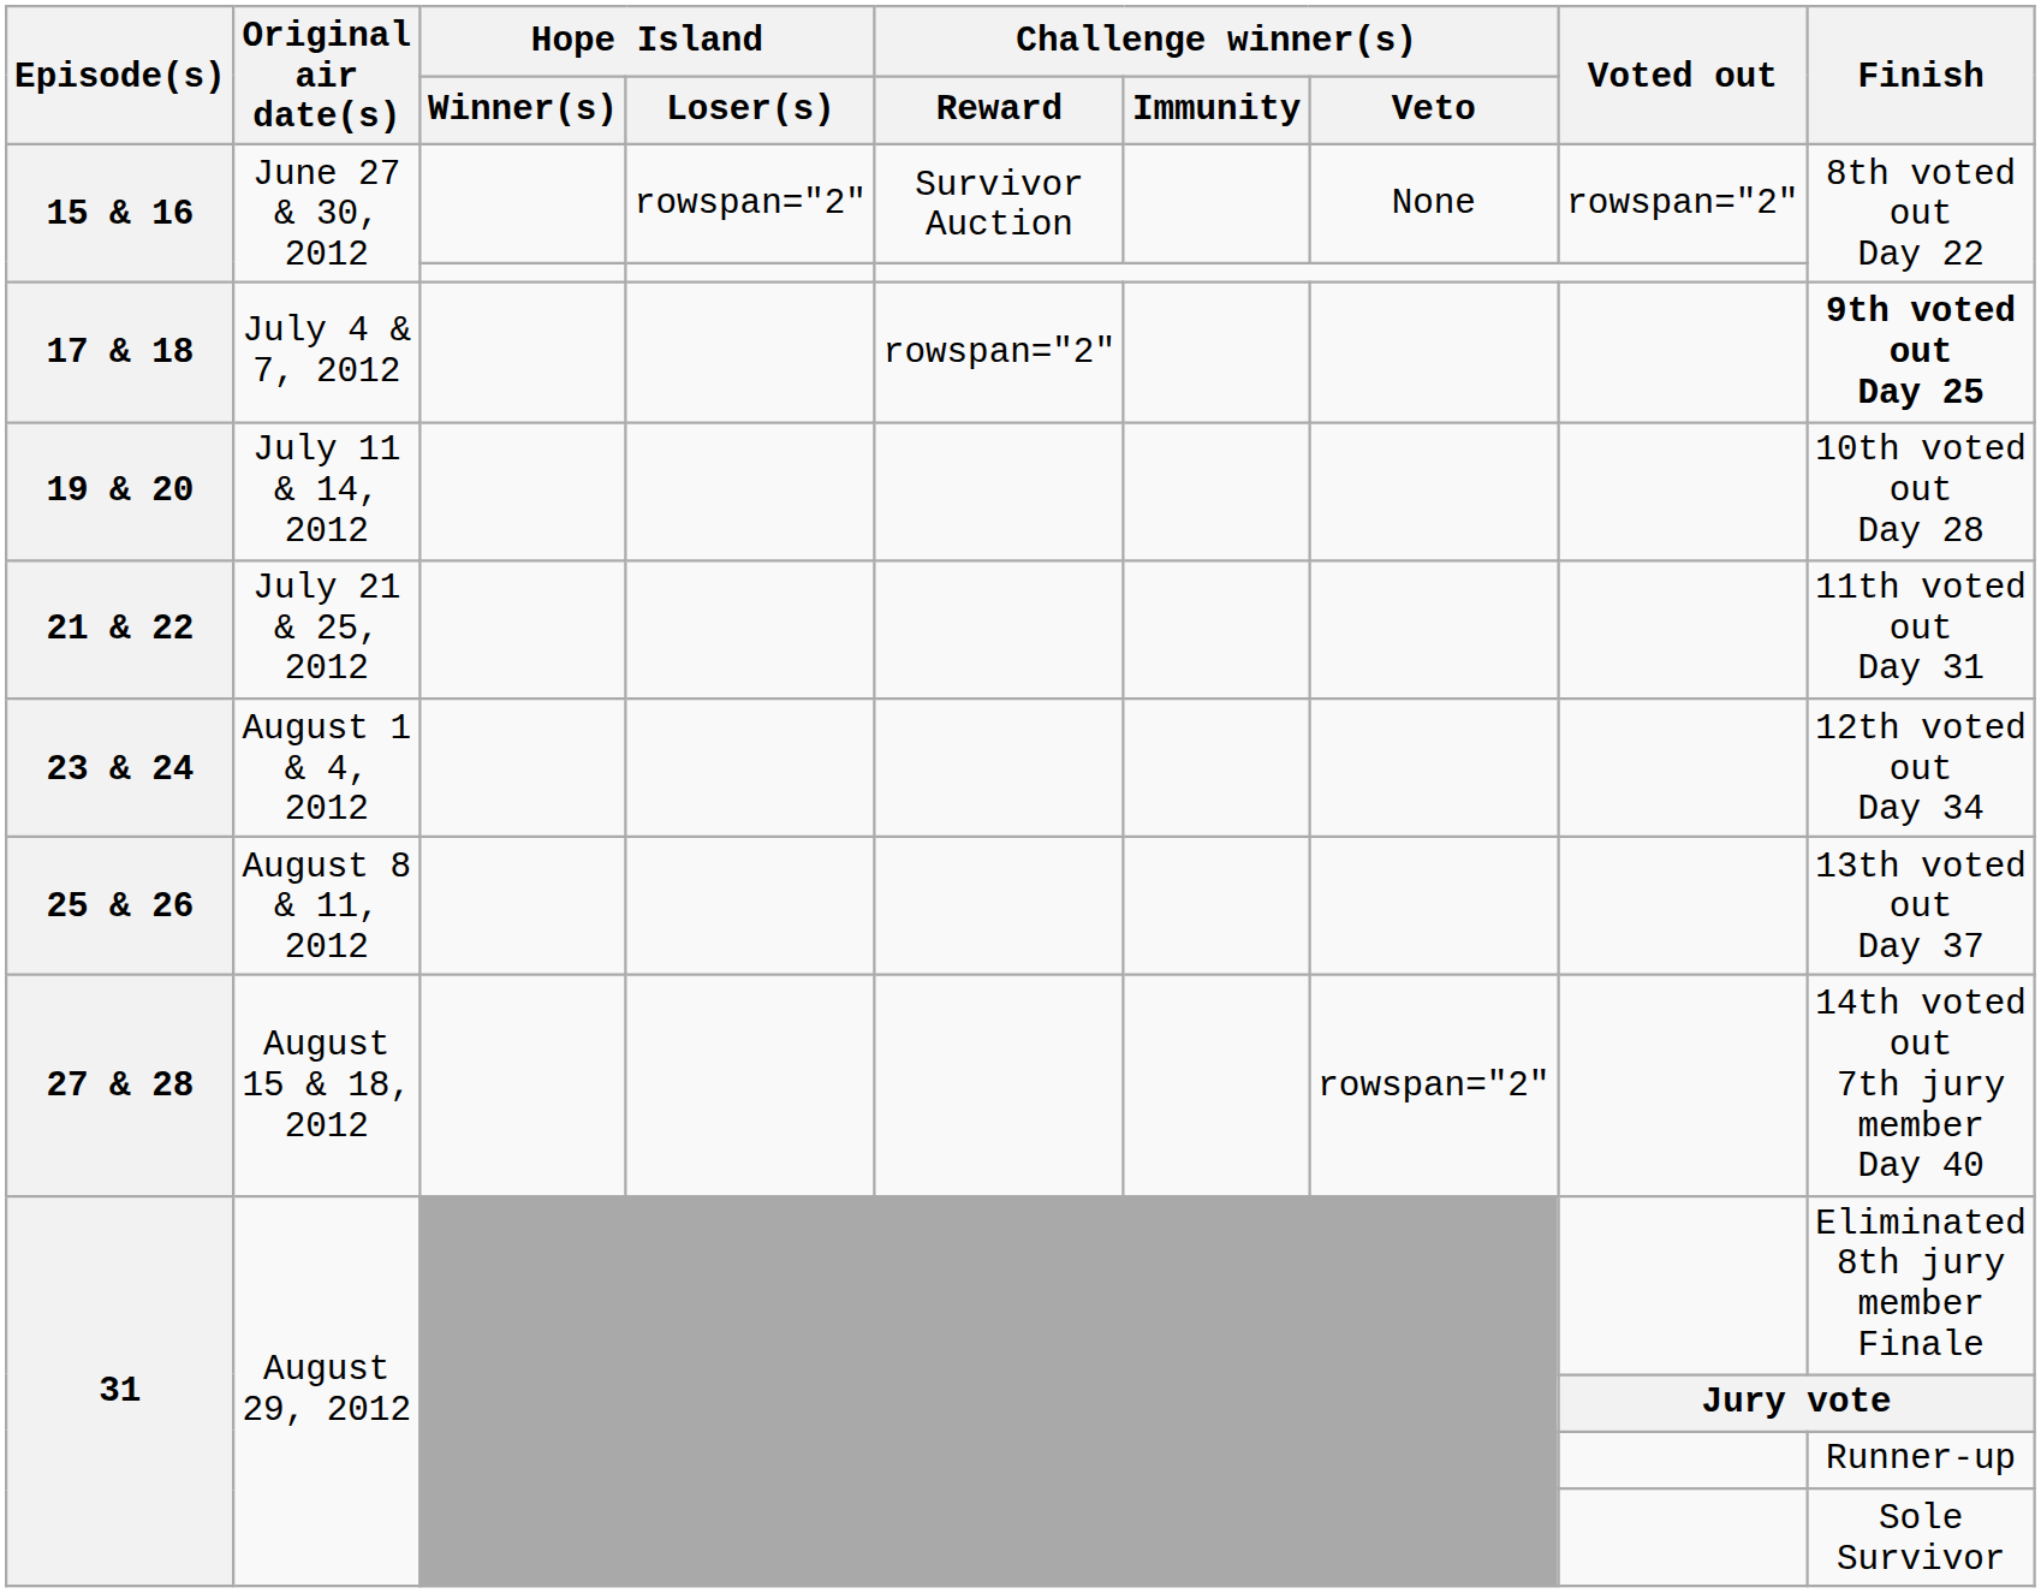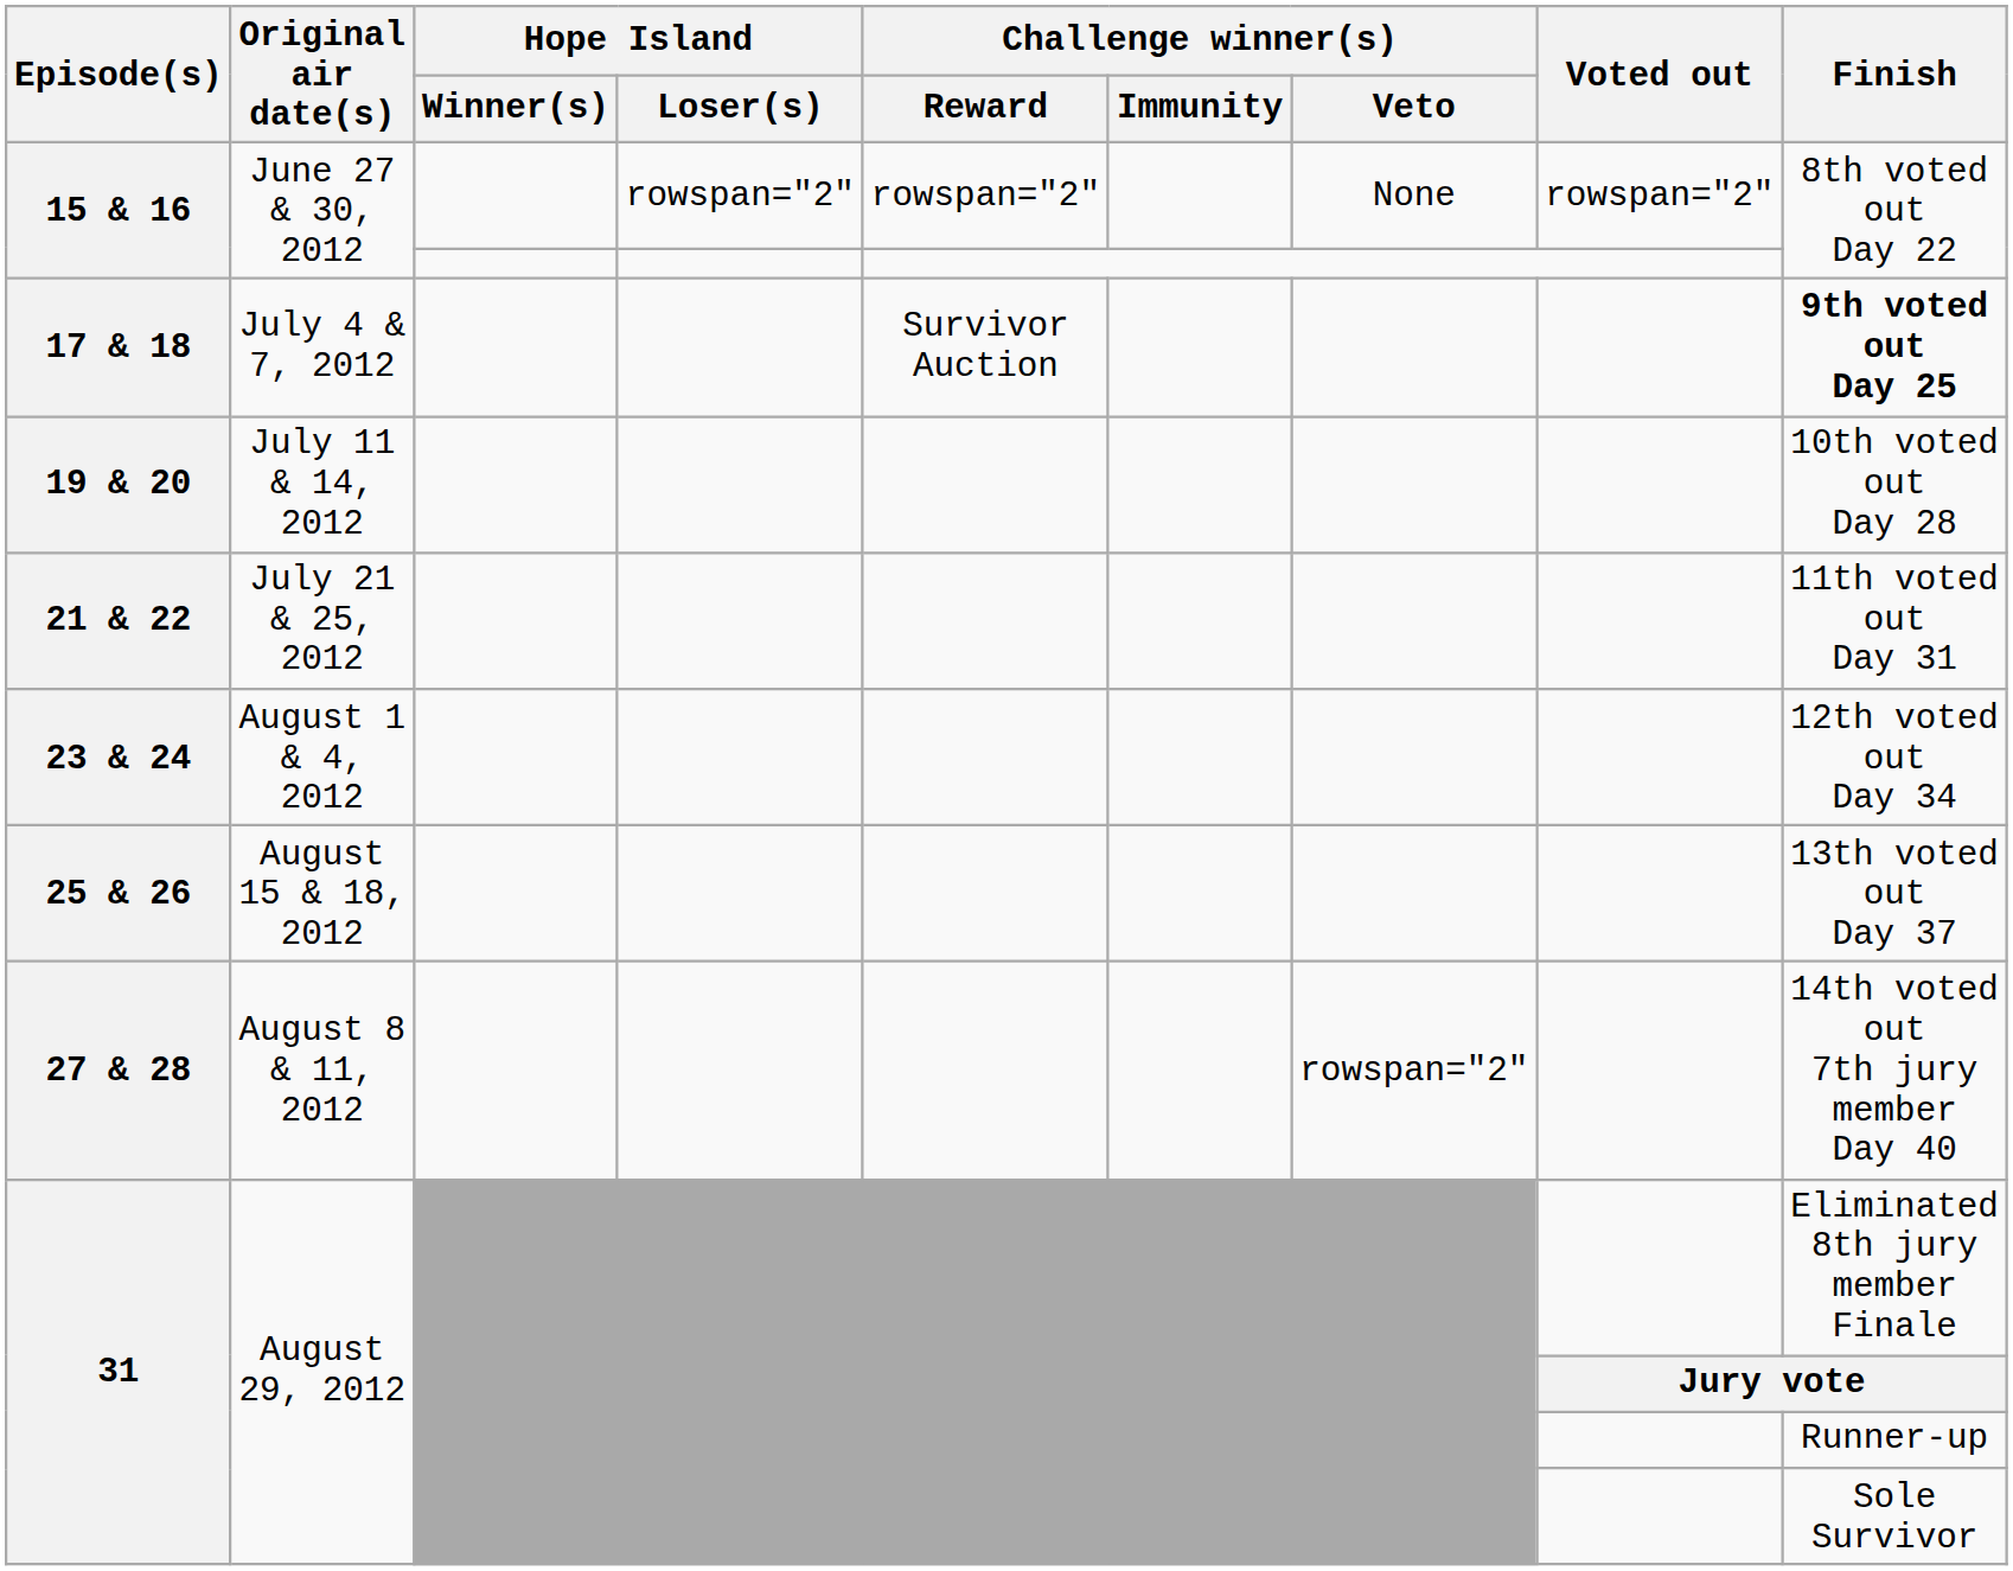 <table class="wikitable nowrap" style="margin:auto; text-align:center">
 <tr>
 <th rowspan="2">Episode(s)</th>
 <th rowspan="2">Original air date(s)</th>
 <th colspan="2">Hope Island</th>
 <th colspan="3">Challenge winner(s)</th>
 <th rowspan="2">Voted out</th>
 <th rowspan="2">Finish</th>
 </tr>
 <tr>
 <th>Winner(s)</th>
 <th>Loser(s)</th>
 <th>Reward</th>
 <th>Immunity</th>
 <th>Veto</th>
 </tr>
 <tr>
 <th rowspan="2">15 & 16</th>
 <td rowspan="2">June 27 & 30, 2012</td>
 <td></td>
 <td>rowspan="2" </td>
-<td>Survivor<br>Auction</td>
+<td>rowspan="2" </td>
 <td></td>
 <td>None</td>
 <td>rowspan="2" </td>
 <td rowspan="2">8th voted out<br>Day 22</td>
 </tr>
 <tr>
 <td></td>
 <td></td>
 </tr>
 <tr>
 <th>17 & 18</th>
 <td>July 4 & 7, 2012</td>
 <td></td>
 <td></td>
-<td>rowspan="2" </td>
+<td>Survivor<br>Auction</td>
 <td></td>
 <td></td>
 <td></td>
 <td><strong>9th voted out<br>Day 25</strong></td>
 </tr>
 <tr>
 <th>19 & 20</th>
 <td>July 11 & 14, 2012</td>
 <td></td>
 <td></td>
 <td></td>
 <td></td>
 <td></td>
 <td></td>
 <td>10th voted out<br>Day 28</td>
 </tr>
 <tr>
 <th>21 & 22</th>
 <td>July 21 & 25, 2012</td>
 <td></td>
 <td></td>
 <td></td>
 <td></td>
 <td></td>
 <td></td>
 <td>11th voted out<br>Day 31</td>
 </tr>
 <tr>
 <th>23 & 24</th>
 <td>August 1 & 4, 2012</td>
 <td></td>
 <td></td>
 <td></td>
 <td></td>
 <td></td>
 <td></td>
 <td>12th voted out<br>Day 34</td>
 </tr>
 <tr>
 <th>25 & 26</th>
-<td>August 8 & 11, 2012</td>
+<td>August 15 & 18, 2012</td>
 <td></td>
 <td></td>
 <td></td>
 <td></td>
 <td></td>
 <td></td>
 <td>13th voted out<br>Day 37</td>
 </tr>
 <tr>
 <th>27 & 28</th>
-<td>August 15 & 18, 2012</td>
+<td>August 8 & 11, 2012</td>
 <td></td>
 <td></td>
 <td></td>
 <td></td>
 <td>rowspan="2" </td>
 <td></td>
 <td>14th voted out<br>7th jury member<br>Day 40</td>
 </tr>
 <tr>
 <th rowspan="4">31</th>
 <td rowspan="4">August 29, 2012</td>
 <td rowspan="4" colspan="5" bgcolor="darkgrey"></td>
 <td></td>
 <td>Eliminated<br>8th jury member<br>Finale</td>
 </tr>
 <tr>
 <th colspan="2">Jury vote</th>
 </tr>
 <tr>
 <td></td>
 <td>Runner-up</td>
 </tr>
 <tr>
 <td></td>
 <td>Sole Survivor</td>
 </tr>
 </table>
